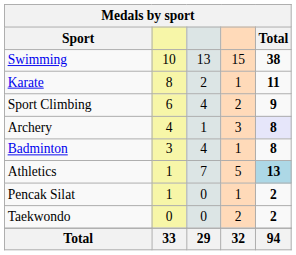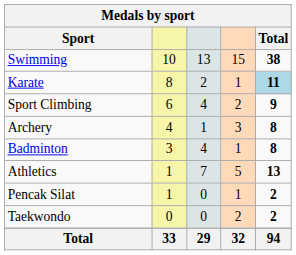 <table class="wikitable sortable" style="font-size:90%; text-align:center;">
 <tr>
 <th colspan=5>Medals by sport</th>
 </tr>
 <tr>
 <th width=150>Sport</th>
 <th scope="col" width=30 style="background:#F7F6A8;"></th>
 <th scope="col" width=30 style="background:#DCE5E5;"></th>
 <th scope="col" width=30 style="background:#FFDAB9;"></th>
 <th width=30>Total</th>
 </tr>
 <tr>
 <td align=left><a href='#'>Swimming</a></td>
 <td style="background:#F7F6A8;">10</td>
 <td style="background:#DCE5E5;">13</td>
 <td style="background:#FFDAB9;">15</td>
 <td><strong>38</strong></td>
 </tr>
 <tr>
 <td align=left><a href='#'>Karate</a></td>
 <td style="background:#F7F6A8;">8</td>
 <td style="background:#DCE5E5;">2</td>
 <td style="background:#FFDAB9;">1</td>
-<td><strong>11</strong></td>
+<td style="background: lightblue;"><strong>11</strong></td>
 </tr>
 <tr>
 <td align=left>Sport Climbing</td>
 <td style="background:#F7F6A8;">6</td>
 <td style="background:#DCE5E5;">4</td>
 <td style="background:#FFDAB9;">2</td>
 <td><strong>9</strong></td>
 </tr>
 <tr>
 <td align=left>Archery</td>
 <td style="background:#F7F6A8;">4</td>
 <td style="background:#DCE5E5;">1</td>
 <td style="background:#FFDAB9;">3</td>
-<td style="background: lavender;"><strong>8</strong></td>
+<td><strong>8</strong></td>
 </tr>
 <tr>
 <td align=left><a href='#'>Badminton</a></td>
 <td style="background:#F7F6A8;">3</td>
 <td style="background:#DCE5E5;">4</td>
 <td style="background:#FFDAB9;">1</td>
 <td><strong>8</strong></td>
 </tr>
 <tr>
 <td align=left>Athletics</td>
 <td style="background:#F7F6A8;">1</td>
 <td style="background:#DCE5E5;">7</td>
 <td style="background:#FFDAB9;">5</td>
-<td style="background: lightblue;"><strong>13</strong></td>
+<td><strong>13</strong></td>
 </tr>
 <tr>
 <td align=left>Pencak Silat</td>
 <td style="background:#F7F6A8;">1</td>
 <td style="background:#DCE5E5;">0</td>
 <td style="background:#FFDAB9;">1</td>
 <td><strong>2</strong></td>
 </tr>
 <tr>
 <td align=left>Taekwondo</td>
 <td style="background:#F7F6A8;">0</td>
 <td style="background:#DCE5E5;">0</td>
 <td style="background:#FFDAB9;">2</td>
 <td><strong>2</strong></td>
 </tr>
 <tr>
 </tr>
 <tr class="sortbottom">
 <th>Total</th>
 <th>33</th>
 <th>29</th>
 <th>32</th>
 <th>94</th>
 </tr>
 </table>
